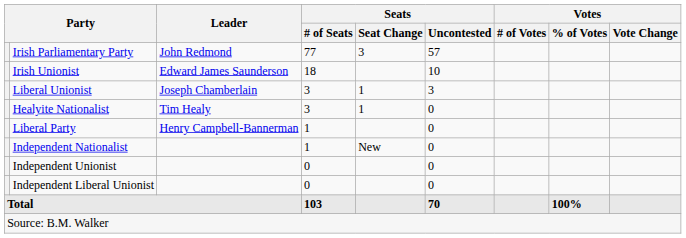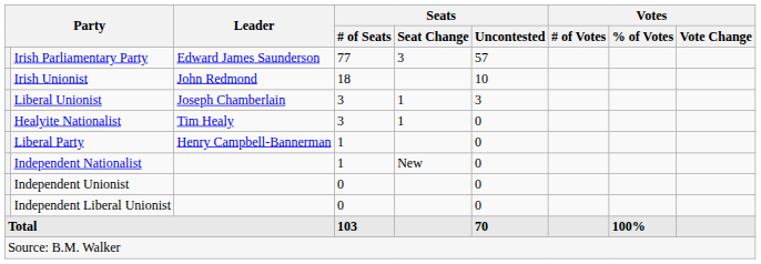 <table class="wikitable">
 <tr>
 <th rowspan="2" colspan="2">Party</th>
 <th rowspan="2">Leader</th>
 <th colspan="3">Seats</th>
 <th colspan="3">Votes</th>
 </tr>
 <tr>
 <th># of Seats</th>
 <th>Seat Change</th>
 <th>Uncontested</th>
 <th># of Votes</th>
 <th>% of Votes</th>
 <th>Vote Change</th>
 </tr>
 <tr>
 <th style="background-color: "></th>
 <td><a href='#'>Irish Parliamentary Party</a></td>
-<td><a href='#'>John Redmond</a></td>
+<td><a href='#'>Edward James Saunderson</a></td>
 <td>77</td>
 <td>3</td>
 <td>57</td>
 <td></td>
 <td></td>
 <td></td>
 </tr>
 <tr>
 <th style="background-color: "></th>
 <td><a href='#'>Irish Unionist</a></td>
-<td><a href='#'>Edward James Saunderson</a></td>
+<td><a href='#'>John Redmond</a></td>
 <td>18</td>
 <td></td>
 <td>10</td>
 <td></td>
 <td></td>
 <td></td>
 </tr>
 <tr>
 <th style="background-color: "></th>
 <td><a href='#'>Liberal Unionist</a></td>
 <td><a href='#'>Joseph Chamberlain</a></td>
 <td>3</td>
 <td> 1</td>
 <td>3</td>
 <td></td>
 <td></td>
 <td></td>
 </tr>
 <tr>
 <th style="background-color: "></th>
 <td><a href='#'>Healyite Nationalist</a></td>
 <td><a href='#'>Tim Healy</a></td>
 <td>3</td>
 <td> 1</td>
 <td>0</td>
 <td></td>
 <td></td>
 <td></td>
 </tr>
 <tr>
 <th style="background-color: "></th>
 <td><a href='#'>Liberal Party</a></td>
 <td><a href='#'>Henry Campbell-Bannerman</a></td>
 <td>1</td>
 <td></td>
 <td>0</td>
 <td></td>
 <td></td>
 <td></td>
 </tr>
 <tr>
 <th style="background-color: "></th>
 <td><a href='#'>Independent Nationalist</a></td>
 <td></td>
 <td>1</td>
 <td>New</td>
 <td>0</td>
 <td></td>
 <td></td>
 <td></td>
 </tr>
 <tr>
 <th style="background-color: "></th>
 <td>Independent Unionist</td>
 <td></td>
 <td>0</td>
 <td></td>
 <td>0</td>
 <td></td>
 <td></td>
 <td></td>
 </tr>
 <tr>
 <th style="background-color: "></th>
 <td>Independent Liberal Unionist</td>
 <td></td>
 <td>0</td>
 <td></td>
 <td>0</td>
 <td></td>
 <td></td>
 <td></td>
 </tr>
 <tr class="sortbottom" style="font-weight:bold; background:rgb(232,232,232);">
 <td colspan=3>Total</td>
 <td>103</td>
 <td></td>
 <td>70</td>
 <td></td>
 <td>100%</td>
 <td></td>
 </tr>
 <tr style="background-color:#F6F6F6">
 <td colspan="9" align="left">Source: B.M. Walker</td>
 </tr>
 </table>
